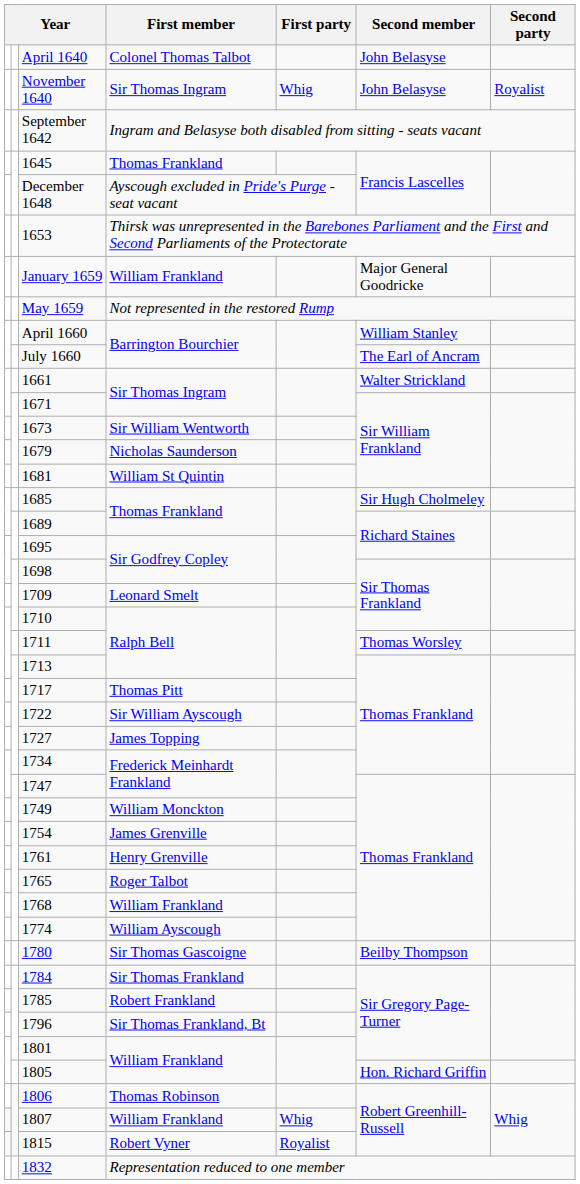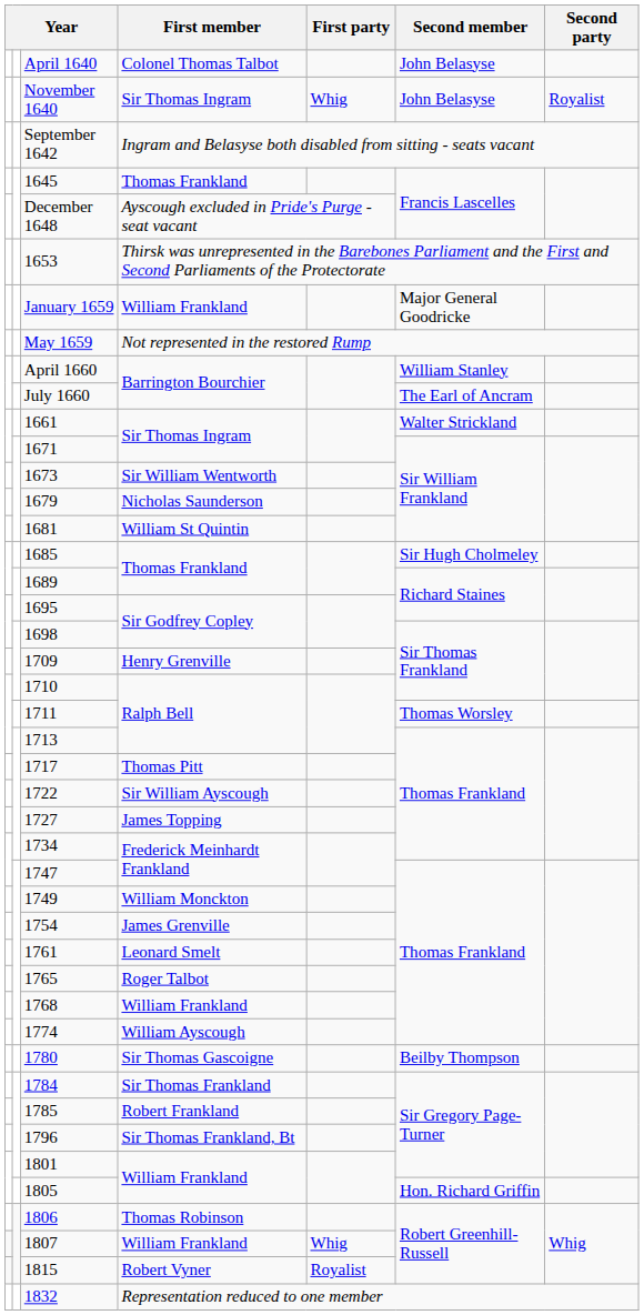 <table class="wikitable">
 <tr>
 <th colspan="3">Year</th>
 <th>First member</th>
 <th>First party</th>
 <th>Second member</th>
 <th>Second party</th>
 </tr>
 <tr>
 <td style="color:inherit;background-color: white"></td>
 <td style="color:inherit;background-color: white"></td>
 <td><a href='#'>April 1640</a></td>
 <td><a href='#'>Colonel Thomas Talbot</a></td>
 <td></td>
 <td><a href='#'>John Belasyse</a></td>
 <td></td>
 </tr>
 <tr>
 <td style="color:inherit;background-color: white"></td>
 <td style="color:inherit;background-color: white"></td>
 <td><a href='#'>November 1640</a></td>
 <td><a href='#'>Sir Thomas Ingram</a></td>
 <td><a href='#'>Whig</a></td>
 <td><a href='#'>John Belasyse</a></td>
 <td><a href='#'>Royalist</a></td>
 </tr>
 <tr>
 <td style="color:inherit;background-color: white"></td>
 <td style="color:inherit;background-color: white"></td>
 <td>September 1642</td>
 <td colspan="4"><em>Ingram and Belasyse both disabled from sitting - seats vacant</em></td>
 </tr>
 <tr>
 <td style="color:inherit;background-color: white"></td>
 <td rowspan="2" style="color:inherit;background-color: white"></td>
 <td>1645</td>
 <td><a href='#'>Thomas Frankland</a></td>
 <td></td>
 <td rowspan="2"><a href='#'>Francis Lascelles</a></td>
 <td rowspan="2"></td>
 </tr>
 <tr>
 <td style="color:inherit;background-color: white"></td>
 <td>December 1648</td>
 <td colspan="2"><em>Ayscough excluded in <a href='#'>Pride's Purge</a> - seat vacant</em></td>
 </tr>
 <tr>
 <td style="color:inherit;background-color: white"></td>
 <td style="color:inherit;background-color: white"></td>
 <td>1653</td>
 <td colspan="4"><em>Thirsk was unrepresented in the <a href='#'>Barebones Parliament</a> and the <a href='#'>First</a> and <a href='#'>Second</a> Parliaments of the Protectorate</em></td>
 </tr>
 <tr>
 <td style="color:inherit;background-color: white"></td>
 <td style="color:inherit;background-color: white"></td>
 <td><a href='#'>January 1659</a></td>
 <td><a href='#'>William Frankland</a></td>
 <td></td>
 <td>Major General Goodricke</td>
 <td></td>
 </tr>
 <tr>
 <td style="color:inherit;background-color: white"></td>
 <td style="color:inherit;background-color: white"></td>
 <td><a href='#'>May 1659</a></td>
 <td colspan="4"><em>Not represented in the restored <a href='#'>Rump</a></em></td>
 </tr>
 <tr>
 <td rowspan="2" style="color:inherit;background-color: white"></td>
 <td style="color:inherit;background-color: white"></td>
 <td>April 1660</td>
 <td rowspan="2"><a href='#'>Barrington Bourchier</a></td>
 <td rowspan="2"></td>
 <td><a href='#'>William Stanley</a></td>
 <td></td>
 </tr>
 <tr>
 <td style="color:inherit;background-color: white"></td>
 <td>July 1660</td>
 <td><a href='#'>The Earl of Ancram</a></td>
 <td></td>
 </tr>
 <tr>
 <td rowspan="2" style="color:inherit;background-color: white"></td>
 <td style="color:inherit;background-color: white"></td>
 <td>1661</td>
 <td rowspan="2"><a href='#'>Sir Thomas Ingram</a></td>
 <td rowspan="2"></td>
 <td><a href='#'>Walter Strickland</a></td>
 <td></td>
 </tr>
 <tr>
 <td rowspan="4" style="color:inherit;background-color: white"></td>
 <td>1671</td>
 <td rowspan="4"><a href='#'>Sir William Frankland</a></td>
 <td rowspan="4"></td>
 </tr>
 <tr>
 <td style="color:inherit;background-color: white"></td>
 <td>1673</td>
 <td><a href='#'>Sir William Wentworth</a></td>
 <td></td>
 </tr>
 <tr>
 <td style="color:inherit;background-color: white"></td>
 <td>1679</td>
 <td><a href='#'>Nicholas Saunderson</a></td>
 <td></td>
 </tr>
 <tr>
 <td style="color:inherit;background-color: white"></td>
 <td>1681</td>
 <td><a href='#'>William St Quintin</a></td>
 <td></td>
 </tr>
 <tr>
 <td rowspan="2" style="color:inherit;background-color: white"></td>
 <td style="color:inherit;background-color: white"></td>
 <td>1685</td>
 <td rowspan="2"><a href='#'>Thomas Frankland</a></td>
 <td rowspan="2"></td>
 <td><a href='#'>Sir Hugh Cholmeley</a></td>
 <td></td>
 </tr>
 <tr>
 <td rowspan="2" style="color:inherit;background-color: white"></td>
 <td>1689</td>
 <td rowspan="2"><a href='#'>Richard Staines</a></td>
 <td rowspan="2"></td>
 </tr>
 <tr>
 <td rowspan="2" style="color:inherit;background-color: white"></td>
 <td>1695</td>
 <td rowspan="2"><a href='#'>Sir Godfrey Copley</a></td>
 <td rowspan="2"></td>
 </tr>
 <tr>
 <td rowspan="3" style="color:inherit;background-color: white"></td>
 <td>1698</td>
 <td rowspan="3"><a href='#'>Sir Thomas Frankland</a></td>
 <td rowspan="3"></td>
 </tr>
 <tr>
 <td style="color:inherit;background-color: white"></td>
 <td>1709</td>
-<td><a href='#'>Leonard Smelt</a></td>
+<td><a href='#'>Henry Grenville</a></td>
 <td></td>
 </tr>
 <tr>
 <td rowspan="3" style="color:inherit;background-color: white"></td>
 <td>1710</td>
 <td rowspan="3"><a href='#'>Ralph Bell</a></td>
 <td rowspan="3"></td>
 </tr>
 <tr>
 <td style="color:inherit;background-color: white"></td>
 <td>1711</td>
 <td><a href='#'>Thomas Worsley</a></td>
 <td></td>
 </tr>
 <tr>
 <td rowspan="5" style="color:inherit;background-color: white"></td>
 <td>1713</td>
 <td rowspan="5"><a href='#'>Thomas Frankland</a>  </td>
 <td rowspan="5"></td>
 </tr>
 <tr>
 <td style="color:inherit;background-color: white"></td>
 <td>1717</td>
 <td><a href='#'>Thomas Pitt</a></td>
 <td></td>
 </tr>
 <tr>
 <td style="color:inherit;background-color: white"></td>
 <td>1722</td>
 <td><a href='#'>Sir William Ayscough</a></td>
 <td></td>
 </tr>
 <tr>
 <td style="color:inherit;background-color: white"></td>
 <td>1727</td>
 <td><a href='#'>James Topping</a></td>
 <td></td>
 </tr>
 <tr>
 <td rowspan="2" style="color:inherit;background-color: white"></td>
 <td>1734</td>
 <td rowspan="2"><a href='#'>Frederick Meinhardt Frankland</a></td>
 <td rowspan="2"></td>
 </tr>
 <tr>
 <td rowspan="7" style="color:inherit;background-color: white"></td>
 <td>1747</td>
 <td rowspan="7"><a href='#'>Thomas Frankland</a></td>
 <td rowspan="7"></td>
 </tr>
 <tr>
 <td style="color:inherit;background-color: white"></td>
 <td>1749</td>
 <td><a href='#'>William Monckton</a></td>
 <td></td>
 </tr>
 <tr>
 <td style="color:inherit;background-color: white"></td>
 <td>1754</td>
 <td><a href='#'>James Grenville</a></td>
 <td></td>
 </tr>
 <tr>
 <td style="color:inherit;background-color: white"></td>
 <td>1761</td>
-<td><a href='#'>Henry Grenville</a></td>
+<td><a href='#'>Leonard Smelt</a></td>
 <td></td>
 </tr>
 <tr>
 <td style="color:inherit;background-color: white"></td>
 <td>1765</td>
 <td><a href='#'>Roger Talbot</a></td>
 <td></td>
 </tr>
 <tr>
 <td style="color:inherit;background-color: white"></td>
 <td>1768</td>
 <td><a href='#'>William Frankland</a></td>
 <td></td>
 </tr>
 <tr>
 <td style="color:inherit;background-color: white"></td>
 <td>1774</td>
 <td><a href='#'>William Ayscough</a></td>
 <td></td>
 </tr>
 <tr>
 <td style="color:inherit;background-color: white"></td>
 <td style="color:inherit;background-color: white"></td>
 <td><a href='#'>1780</a></td>
 <td><a href='#'>Sir Thomas Gascoigne</a></td>
 <td></td>
 <td><a href='#'>Beilby Thompson</a></td>
 <td></td>
 </tr>
 <tr>
 <td style="color:inherit;background-color: white"></td>
 <td rowspan="4" style="color:inherit;background-color: white"></td>
 <td><a href='#'>1784</a></td>
 <td><a href='#'>Sir Thomas Frankland</a></td>
 <td></td>
 <td rowspan="4"><a href='#'>Sir Gregory Page-Turner</a></td>
 <td rowspan="4"></td>
 </tr>
 <tr>
 <td style="color:inherit;background-color: white"></td>
 <td>1785</td>
 <td><a href='#'>Robert Frankland</a></td>
 <td></td>
 </tr>
 <tr>
 <td style="color:inherit;background-color: white"></td>
 <td>1796</td>
 <td><a href='#'>Sir Thomas Frankland, Bt</a></td>
 <td></td>
 </tr>
 <tr>
 <td rowspan="2" style="color:inherit;background-color: white"></td>
 <td>1801</td>
 <td rowspan="2"><a href='#'>William Frankland</a></td>
 <td rowspan="2"></td>
 </tr>
 <tr>
 <td style="color:inherit;background-color: white"></td>
 <td>1805</td>
 <td><a href='#'>Hon. Richard Griffin</a></td>
 <td></td>
 </tr>
 <tr>
 <td style="color:inherit;background-color: white"></td>
 <td rowspan="3" style="color:inherit;background-color: "></td>
 <td><a href='#'>1806</a></td>
 <td><a href='#'>Thomas Robinson</a></td>
 <td></td>
 <td rowspan="3"><a href='#'>Robert Greenhill-Russell</a></td>
 <td rowspan="3"><a href='#'>Whig</a></td>
 </tr>
 <tr>
 <td style="color:inherit;background-color: "></td>
 <td>1807</td>
 <td><a href='#'>William Frankland</a></td>
 <td><a href='#'>Whig</a></td>
 </tr>
 <tr>
 <td style="color:inherit;background-color: "></td>
 <td>1815</td>
 <td><a href='#'>Robert Vyner</a></td>
 <td><a href='#'>Royalist</a></td>
 </tr>
 <tr>
 <td style="color:inherit;background-color: white"></td>
 <td style="color:inherit;background-color: white"></td>
 <td><a href='#'>1832</a></td>
 <td colspan="5"><em>Representation reduced to one member</em></td>
 </tr>
 </table>
